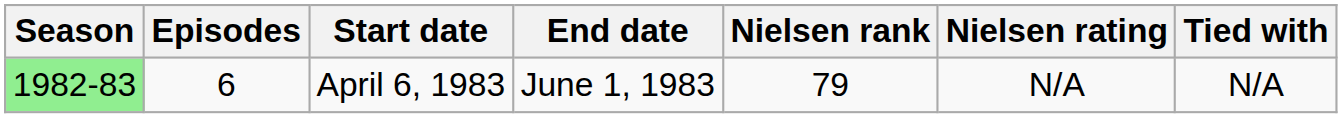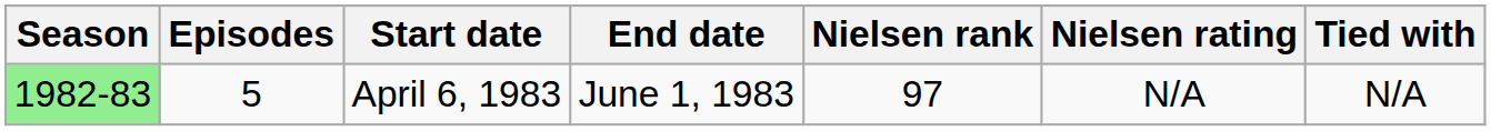 <table class="wikitable" style="text-align: center">
 <tr>
 <th>Season</th>
 <th>Episodes</th>
 <th>Start date</th>
 <th>End date</th>
 <th>Nielsen rank</th>
 <th>Nielsen rating</th>
 <th>Tied with</th>
 </tr>
 <tr>
 <td style="background: lightgreen; text-align:center">1982-83</td>
-<td style="text-align:center">6</td>
+<td style="text-align:center">5</td>
 <td style="text-align:center">April 6, 1983</td>
 <td style="text-align:center">June 1, 1983</td>
-<td style="text-align:center:">79</td>
+<td style="text-align:center:">97</td>
 <td style="text-align:center">N/A</td>
 <td style="text-align:center">N/A</td>
 </tr>
 </table>
